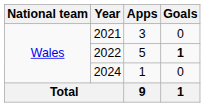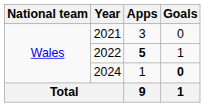 <table class=wikitable style=text-align:center>
 <tr>
 <th>National team</th>
 <th>Year</th>
 <th>Apps</th>
 <th>Goals</th>
 </tr>
 <tr>
 <td rowspan="3"><a href='#'>Wales</a></td>
 <td>2021</td>
 <td>3</td>
 <td>0</td>
 </tr>
 <tr>
 <td>2022</td>
-<td>5</td>
-<td><strong>1</strong></td>
+<td><strong>5</strong></td>
+<td>1</td>
 </tr>
 <tr>
 <td>2024</td>
 <td>1</td>
-<td>0</td>
+<td><strong>0</strong></td>
 </tr>
 <tr>
 <th colspan="2">Total</th>
 <th>9</th>
 <th>1</th>
 </tr>
 </table>
